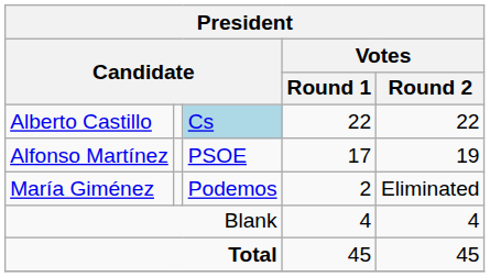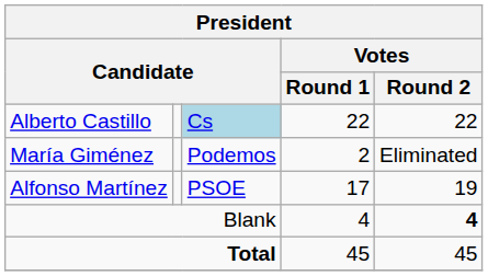 <table class="wikitable" style="font-size:90%; text-align:right;">
 <tr>
 <th colspan="5">President</th>
 </tr>
 <tr>
 <th colspan="3" rowspan="2">Candidate</th>
 <th colspan="2">Votes</th>
 </tr>
 <tr>
 <th>Round 1</th>
 <th>Round 2</th>
 </tr>
 <tr>
 <td align="left"><a href='#'>Alberto Castillo</a></td>
 <td style="background:"></td>
 <td align="left" style="background: lightblue;"><a href='#'>Cs</a></td>
 <td>22</td>
 <td>22</td>
 </tr>
 <tr>
+<td align="left"><a href='#'>María Giménez</a></td>
+<td style="background:"></td>
+<td align="left"><a href='#'>Podemos</a></td>
+<td>2</td>
+<td>Eliminated</td>
+</tr>
+<tr>
 <td align="left"><a href='#'>Alfonso Martínez</a></td>
 <td style="background:"></td>
 <td align="left"><a href='#'>PSOE</a></td>
 <td>17</td>
 <td>19</td>
 </tr>
 <tr>
-<td align="left"><a href='#'>María Giménez</a></td>
-<td style="background:"></td>
-<td align="left"><a href='#'>Podemos</a></td>
-<td>2</td>
-<td>Eliminated</td>
-</tr>
-<tr>
 <td colspan="3">Blank</td>
 <td>4</td>
-<td>4</td>
+<td><strong>4</strong></td>
 </tr>
 <tr>
 <td colspan="3"><strong>Total</strong></td>
 <td>45</td>
 <td>45</td>
 </tr>
 <tr>
 </tr>
 </table>
